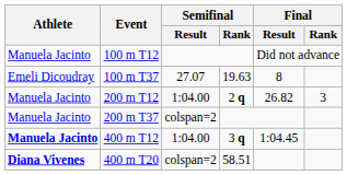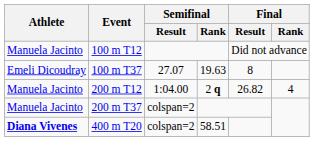 <table class="wikitable" style="font-size:90%">
 <tr>
 <th rowspan="2">Athlete</th>
 <th rowspan="2">Event</th>
 <th colspan="2">Semifinal</th>
 <th colspan="2">Final</th>
 </tr>
 <tr style="font-size:95%">
 <th>Result</th>
 <th>Rank</th>
 <th>Result</th>
 <th>Rank</th>
 </tr>
 <tr align=center>
 <td align=left><a href='#'>Manuela Jacinto</a></td>
 <td align=left><a href='#'>100 m T12</a></td>
 <td colspan=2></td>
 <td colspan=2>Did not advance</td>
 </tr>
 <tr align=center>
 <td align=left><a href='#'>Emeli Dicoudray</a></td>
 <td align=left><a href='#'>100 m T37</a></td>
 <td>27.07</td>
 <td>19.63</td>
 <td>8</td>
 </tr>
 <tr align=center>
 <td align=left><a href='#'>Manuela Jacinto</a></td>
 <td align=left><a href='#'>200 m T12</a></td>
 <td>1:04.00</td>
 <td>2 <strong>q</strong></td>
 <td>26.82</td>
-<td>3</td>
+<td>4</td>
 </tr>
 <tr align=center>
 <td align=left><a href='#'>Manuela Jacinto</a></td>
 <td align=left><a href='#'>200 m T37</a></td>
 <td>colspan=2 </td>
 <td colspan=2></td>
-</tr>
-<tr align=center>
-<td align=left><strong><a href='#'>Manuela Jacinto</a></strong></td>
-<td align=left><a href='#'>400 m T12</a></td>
-<td>1:04.00</td>
-<td>3 <strong>q</strong></td>
-<td>1:04.45</td>
-<td></td>
 </tr>
 <tr align=center>
 <td align=left><strong><a href='#'>Diana Vivenes</a></strong></td>
 <td align=left><a href='#'>400 m T20</a></td>
 <td>colspan=2 </td>
 <td>58.51</td>
 <td></td>
 </tr>
 </table>
